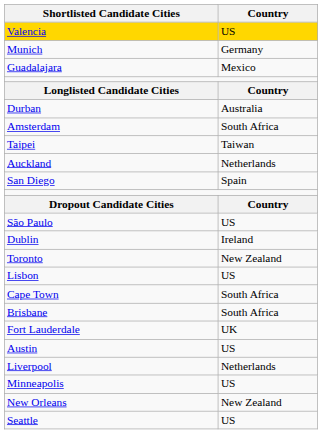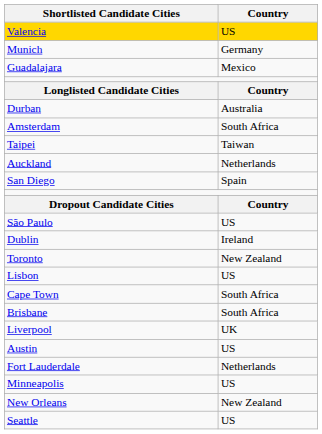 <table class="wikitable" style="width:35%">
 <tr>
 <th>Shortlisted Candidate Cities</th>
 <th>Country</th>
 </tr>
 <tr style="background:gold;">
 <td> <a href='#'>Valencia</a></td>
 <td>US</td>
 </tr>
 <tr>
 <td> <a href='#'>Munich</a></td>
 <td>Germany</td>
 </tr>
 <tr>
 <td> <a href='#'>Guadalajara</a></td>
 <td>Mexico</td>
 </tr>
 <tr>
 <td colspan="2"></td>
 </tr>
 <tr>
 <th>Longlisted Candidate Cities</th>
 <th>Country</th>
 </tr>
 <tr>
 <td> <a href='#'>Durban</a></td>
 <td>Australia</td>
 </tr>
 <tr>
 <td> <a href='#'>Amsterdam</a></td>
 <td>South Africa</td>
 </tr>
 <tr>
 <td> <a href='#'>Taipei</a></td>
 <td>Taiwan</td>
 </tr>
 <tr>
 <td> <a href='#'>Auckland</a></td>
 <td>Netherlands</td>
 </tr>
 <tr>
 <td> <a href='#'>San Diego</a></td>
 <td>Spain</td>
 </tr>
 <tr>
 <td colspan="2"></td>
 </tr>
 <tr>
 <th>Dropout Candidate Cities</th>
 <th>Country</th>
 </tr>
 <tr>
 <td> <a href='#'>São Paulo</a></td>
 <td>US</td>
 </tr>
 <tr>
 <td> <a href='#'>Dublin</a></td>
 <td>Ireland</td>
 </tr>
 <tr>
 <td> <a href='#'>Toronto</a></td>
 <td>New Zealand</td>
 </tr>
 <tr>
 <td> <a href='#'>Lisbon</a></td>
 <td>US</td>
 </tr>
 <tr>
 <td> <a href='#'>Cape Town</a></td>
 <td>South Africa</td>
 </tr>
 <tr>
 <td> <a href='#'>Brisbane</a></td>
 <td>South Africa</td>
 </tr>
 <tr>
-<td> <a href='#'>Fort Lauderdale</a></td>
+<td> <a href='#'>Liverpool</a></td>
 <td>UK</td>
 </tr>
 <tr>
 <td> <a href='#'>Austin</a></td>
 <td>US</td>
 </tr>
 <tr>
-<td> <a href='#'>Liverpool</a></td>
+<td> <a href='#'>Fort Lauderdale</a></td>
 <td>Netherlands</td>
 </tr>
 <tr>
 <td> <a href='#'>Minneapolis</a></td>
 <td>US</td>
 </tr>
 <tr>
 <td> <a href='#'>New Orleans</a></td>
 <td>New Zealand</td>
 </tr>
 <tr>
 <td> <a href='#'>Seattle</a></td>
 <td>US</td>
 </tr>
 </table>
